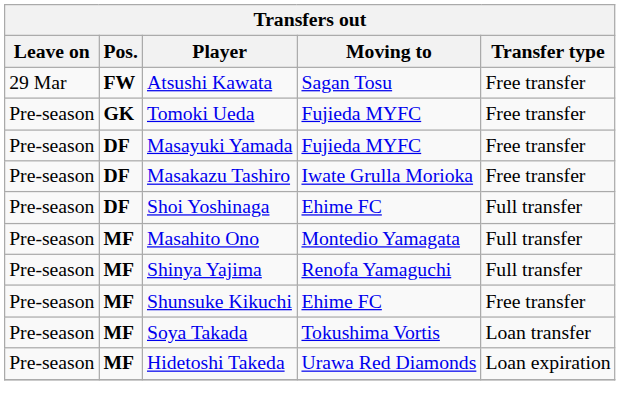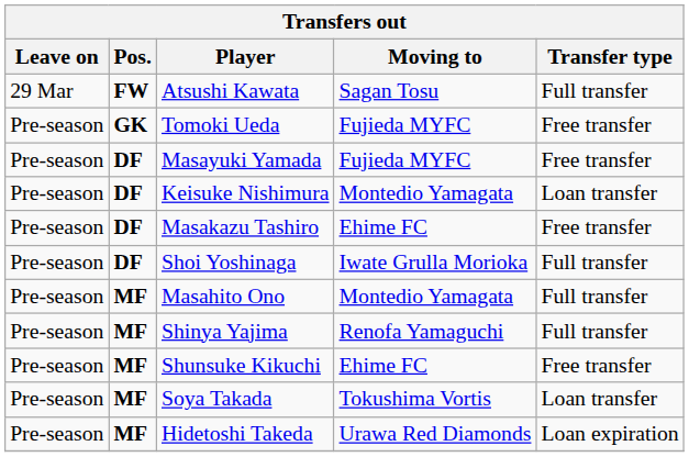 <table class="wikitable sortable" style=“text-align:left;>
 <tr>
 <th colspan="5">Transfers out</th>
 </tr>
 <tr>
 <th>Leave on</th>
 <th>Pos.</th>
 <th>Player</th>
 <th>Moving to</th>
 <th>Transfer type</th>
 </tr>
 <tr>
 <td>29 Mar</td>
 <td><strong>FW</strong></td>
 <td> <a href='#'>Atsushi Kawata</a></td>
 <td> <a href='#'>Sagan Tosu</a></td>
-<td>Free transfer</td>
+<td>Full transfer</td>
 </tr>
 <tr>
 <td>Pre-season</td>
 <td><strong>GK</strong></td>
 <td> <a href='#'>Tomoki Ueda</a></td>
 <td> <a href='#'>Fujieda MYFC</a></td>
 <td>Free transfer</td>
 </tr>
 <tr>
 <td>Pre-season</td>
 <td><strong>DF</strong></td>
 <td> <a href='#'>Masayuki Yamada</a></td>
 <td> <a href='#'>Fujieda MYFC</a></td>
 <td>Free transfer</td>
 </tr>
 <tr>
 <td>Pre-season</td>
 <td><strong>DF</strong></td>
+<td> <a href='#'>Keisuke Nishimura</a></td>
+<td> <a href='#'>Montedio Yamagata</a></td>
+<td>Loan transfer</td>
+</tr>
+<tr>
+<td>Pre-season</td>
+<td><strong>DF</strong></td>
 <td> <a href='#'>Masakazu Tashiro</a></td>
-<td> <a href='#'>Iwate Grulla Morioka</a></td>
+<td> <a href='#'>Ehime FC</a></td>
 <td>Free transfer</td>
 </tr>
 <tr>
 <td>Pre-season</td>
 <td><strong>DF</strong></td>
 <td> <a href='#'>Shoi Yoshinaga</a></td>
-<td> <a href='#'>Ehime FC</a></td>
+<td> <a href='#'>Iwate Grulla Morioka</a></td>
 <td>Full transfer</td>
 </tr>
 <tr>
 <td>Pre-season</td>
 <td><strong>MF</strong></td>
 <td> <a href='#'>Masahito Ono</a></td>
 <td> <a href='#'>Montedio Yamagata</a></td>
 <td>Full transfer</td>
 </tr>
 <tr>
 <td>Pre-season</td>
 <td><strong>MF</strong></td>
 <td> <a href='#'>Shinya Yajima</a></td>
 <td> <a href='#'>Renofa Yamaguchi</a></td>
 <td>Full transfer</td>
 </tr>
 <tr>
 <td>Pre-season</td>
 <td><strong>MF</strong></td>
 <td> <a href='#'>Shunsuke Kikuchi</a></td>
 <td> <a href='#'>Ehime FC</a></td>
 <td>Free transfer</td>
 </tr>
 <tr>
 <td>Pre-season</td>
 <td><strong>MF</strong></td>
 <td> <a href='#'>Soya Takada</a></td>
 <td> <a href='#'>Tokushima Vortis</a></td>
 <td>Loan transfer</td>
 </tr>
 <tr>
 <td>Pre-season</td>
 <td><strong>MF</strong></td>
 <td> <a href='#'>Hidetoshi Takeda</a></td>
 <td> <a href='#'>Urawa Red Diamonds</a></td>
 <td>Loan expiration</td>
 </tr>
 <tr>
 </tr>
 </table>
